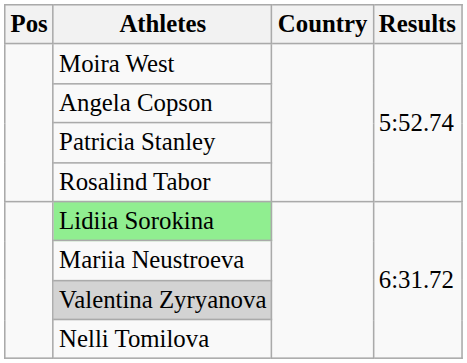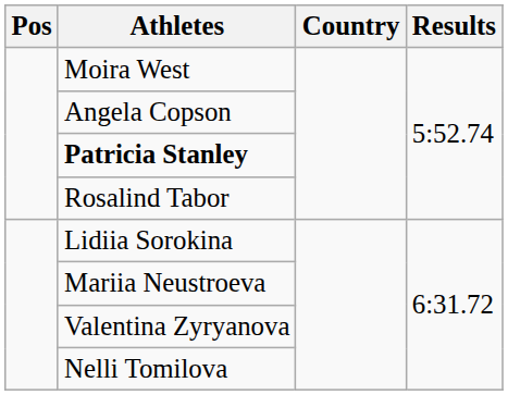 <table class="wikitable">
 <tr>
 <th>Pos</th>
 <th>Athletes</th>
 <th>Country</th>
 <th>Results</th>
 </tr>
 <tr>
 <td rowspan="4"></td>
 <td>Moira West</td>
 <td rowspan="4"></td>
 <td rowspan="4">5:52.74</td>
 </tr>
 <tr>
 <td>Angela Copson</td>
 </tr>
 <tr>
-<td>Patricia Stanley</td>
+<td><strong>Patricia Stanley</strong></td>
 </tr>
 <tr>
 <td>Rosalind Tabor</td>
 </tr>
 <tr>
 <td rowspan="4"></td>
-<td style="background: lightgreen;">Lidiia Sorokina</td>
+<td>Lidiia Sorokina</td>
 <td rowspan="4"></td>
 <td rowspan="4">6:31.72</td>
 </tr>
 <tr>
 <td>Mariia Neustroeva</td>
 </tr>
 <tr>
-<td style="background: lightgrey;">Valentina Zyryanova</td>
+<td>Valentina Zyryanova</td>
 </tr>
 <tr>
 <td>Nelli Tomilova</td>
 </tr>
 </table>
